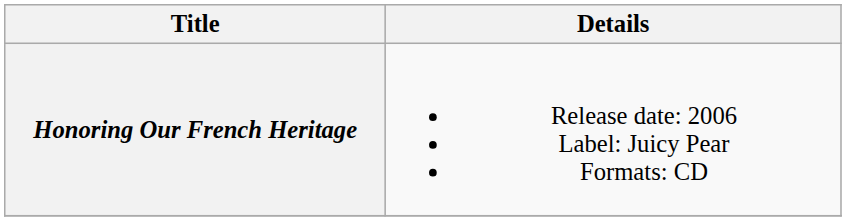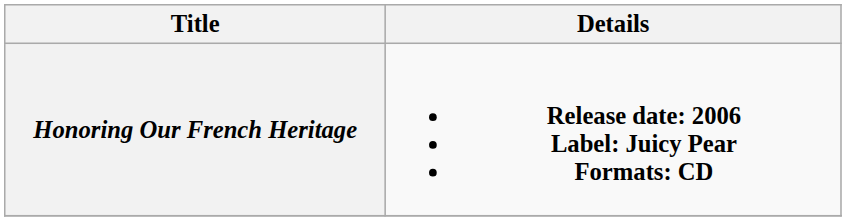 <table class="wikitable plainrowheaders" style="text-align:center;">
 <tr>
 <th style="width:15em;">Title</th>
 <th style="width:18em;">Details</th>
 </tr>
 <tr>
 <th scope="row"><em>Honoring Our French Heritage</em></th>
-<td><br><ul><li>Release date: 2006</li><li>Label: Juicy Pear</li><li>Formats: CD</li></ul></td>
+<td><strong><br><ul><li>Release date: 2006</li><li>Label: Juicy Pear</li><li>Formats: CD</li></ul></strong></td>
 </tr>
 <tr>
 </tr>
 </table>
